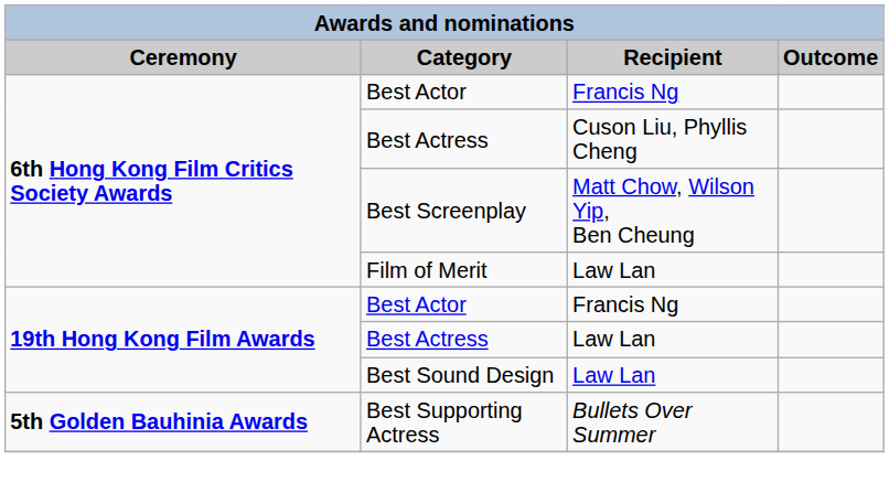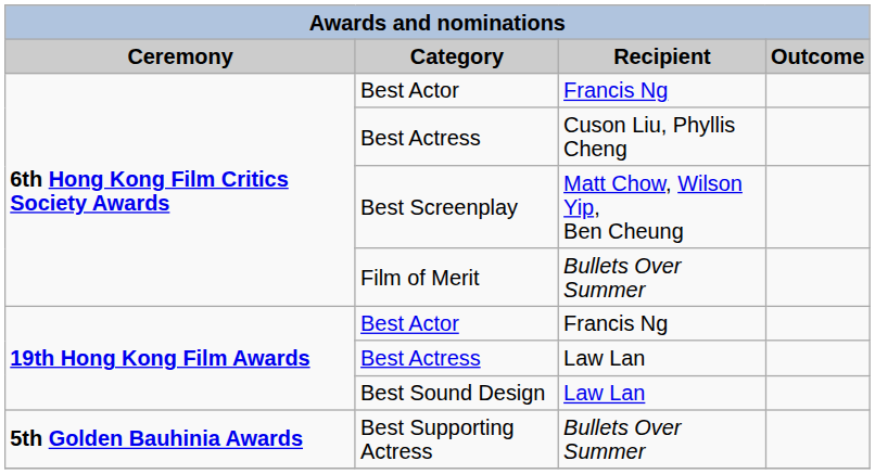 <table class="wikitable" style="font-size:95%;" ;>
 <tr style="background:#ccc; text-align:center;">
 <th colspan="4" style="background: LightSteelBlue;">Awards and nominations</th>
 </tr>
 <tr style="background:#ccc; text-align:center;">
 <th style="background:#ccc">Ceremony</th>
 <th style="background:#ccc">Category</th>
 <th style="background:#ccc">Recipient</th>
 <th style="background:#ccc">Outcome</th>
 </tr>
 <tr>
 <td rowspan=4><strong>6th <a href='#'>Hong Kong Film Critics Society Awards</a></strong></td>
 <td>Best Actor</td>
 <td><a href='#'>Francis Ng</a></td>
 <td></td>
 </tr>
 <tr>
 <td>Best Actress</td>
 <td>Cuson Liu, Phyllis Cheng</td>
 <td></td>
 </tr>
 <tr>
 <td>Best Screenplay</td>
 <td><a href='#'>Matt Chow</a>, <a href='#'>Wilson Yip</a>,<br>Ben Cheung</td>
 <td></td>
 </tr>
 <tr>
 <td>Film of Merit</td>
-<td>Law Lan</td>
+<td><em>Bullets Over Summer</em></td>
 <td></td>
 </tr>
 <tr>
 <td rowspan=3><strong><a href='#'>19th Hong Kong Film Awards</a></strong> </td>
 <td><a href='#'>Best Actor</a></td>
 <td>Francis Ng</td>
 <td></td>
 </tr>
 <tr>
 <td><a href='#'>Best Actress</a></td>
 <td>Law Lan</td>
 <td></td>
 </tr>
 <tr>
 <td>Best Sound Design</td>
 <td><a href='#'>Law Lan</a></td>
 <td></td>
 </tr>
 <tr>
 <td><strong>5th <a href='#'>Golden Bauhinia Awards</a></strong></td>
 <td>Best Supporting Actress</td>
 <td><em>Bullets Over Summer</em></td>
 <td></td>
 </tr>
 <tr>
 </tr>
 </table>
